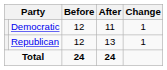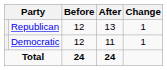 <table class="wikitable" style="text-align:center;">
 <tr>
 <th colspan="2">Party</th>
 <th>Before</th>
 <th>After</th>
 <th>Change</th>
 </tr>
 <tr>
 <th style="background-color:"></th>
-<td style="text-align:left;"><a href='#'>Democratic</a></td>
+<td style="text-align:left;"><a href='#'>Republican</a></td>
 <td>12</td>
-<td>11</td>
+<td>13</td>
 <td> 1</td>
 </tr>
 <tr>
 <th style="background-color:"></th>
-<td style="text-align:left;"><a href='#'>Republican</a></td>
+<td style="text-align:left;"><a href='#'>Democratic</a></td>
 <td>12</td>
-<td>13</td>
+<td>11</td>
 <td> 1</td>
 </tr>
 <tr>
 <td colspan="2"><strong>Total</strong></td>
 <td><strong>24</strong></td>
 <td><strong>24</strong></td>
 <td></td>
 </tr>
 </table>
